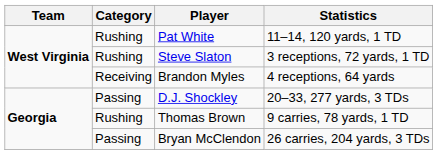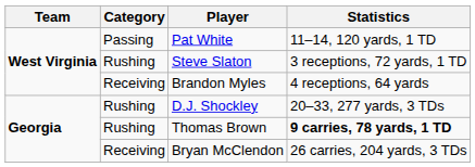 <table class="wikitable" style="float: right;">
 <tr>
 <th>Team</th>
 <th>Category</th>
 <th>Player</th>
 <th>Statistics</th>
 </tr>
 <tr>
 <td rowspan=3><strong>West Virginia</strong></td>
-<td>Rushing</td>
+<td>Passing</td>
 <td><a href='#'>Pat White</a></td>
 <td>11–14, 120 yards, 1 TD</td>
 </tr>
 <tr>
 <td>Rushing</td>
 <td><a href='#'>Steve Slaton</a></td>
 <td>3 receptions, 72 yards, 1 TD</td>
 </tr>
 <tr>
 <td>Receiving</td>
 <td>Brandon Myles</td>
 <td>4 receptions, 64 yards</td>
 </tr>
 <tr>
 <td rowspan=3><strong>Georgia</strong></td>
-<td>Passing</td>
+<td>Rushing</td>
 <td><a href='#'>D.J. Shockley</a></td>
 <td>20–33, 277 yards, 3 TDs</td>
 </tr>
 <tr>
 <td>Rushing</td>
 <td>Thomas Brown</td>
-<td>9 carries, 78 yards, 1 TD</td>
+<td><strong>9 carries, 78 yards, 1 TD</strong></td>
 </tr>
 <tr>
-<td>Passing</td>
+<td>Receiving</td>
 <td>Bryan McClendon</td>
 <td>26 carries, 204 yards, 3 TDs</td>
 </tr>
 </table>
